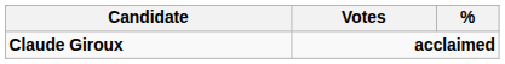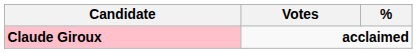 <table style="width:475px;" class="wikitable">
 <tr>
 <th align="center">Candidate</th>
 <th align="center">Votes</th>
 <th align="center">%</th>
 </tr>
 <tr>
-<td align="left"><strong>Claude Giroux</strong></td>
+<td align="left" style="background: pink;"><strong>Claude Giroux</strong></td>
 <td align="right" colspan="2"><strong>acclaimed</strong></td>
 </tr>
 </table>
